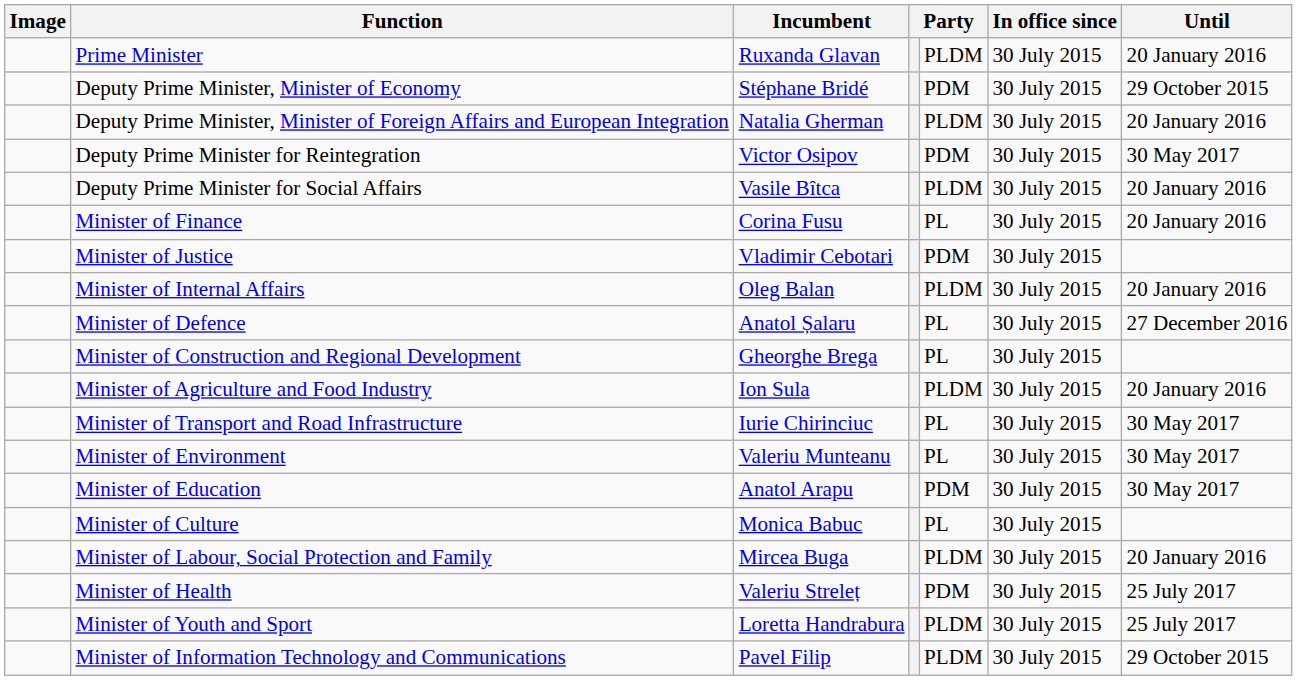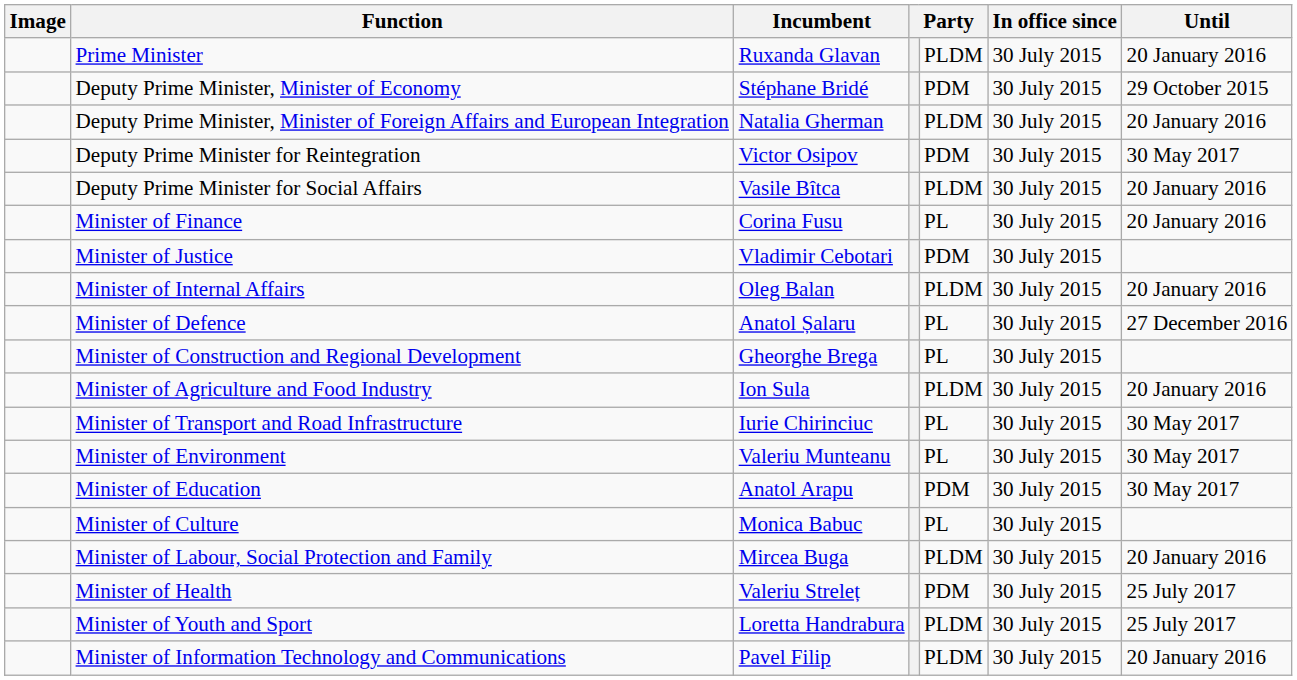 <table class="wikitable">
 <tr>
 <th>Image</th>
 <th>Function</th>
 <th>Incumbent</th>
 <th colspan="2">Party</th>
 <th>In office since</th>
 <th>Until</th>
 </tr>
 <tr>
 <td></td>
 <td><a href='#'>Prime Minister</a></td>
 <td><a href='#'>Ruxanda Glavan</a></td>
 <th style="background-color: "></th>
 <td>PLDM</td>
 <td>30 July 2015</td>
 <td>20 January 2016</td>
 </tr>
 <tr>
 <td></td>
 <td>Deputy Prime Minister, <a href='#'>Minister of Economy</a></td>
 <td><a href='#'>Stéphane Bridé</a></td>
 <th style="background-color: "></th>
 <td>PDM</td>
 <td>30 July 2015</td>
 <td>29 October 2015</td>
 </tr>
 <tr>
 <td></td>
 <td>Deputy Prime Minister, <a href='#'>Minister of Foreign Affairs and European Integration</a></td>
 <td><a href='#'>Natalia Gherman</a></td>
 <th style="background-color: "></th>
 <td>PLDM</td>
 <td>30 July 2015</td>
 <td>20 January 2016</td>
 </tr>
 <tr>
 <td></td>
 <td>Deputy Prime Minister for Reintegration</td>
 <td><a href='#'>Victor Osipov</a></td>
 <th style="background-color: "></th>
 <td>PDM</td>
 <td>30 July 2015</td>
 <td>30 May 2017</td>
 </tr>
 <tr>
 <td></td>
 <td>Deputy Prime Minister for Social Affairs</td>
 <td><a href='#'>Vasile Bîtca</a></td>
 <th style="background-color: "></th>
 <td>PLDM</td>
 <td>30 July 2015</td>
 <td>20 January 2016</td>
 </tr>
 <tr>
 <td></td>
 <td><a href='#'>Minister of Finance</a></td>
 <td><a href='#'>Corina Fusu</a></td>
 <th style="background-color: "></th>
 <td>PL</td>
 <td>30 July 2015</td>
 <td>20 January 2016</td>
 </tr>
 <tr>
 <td></td>
 <td><a href='#'>Minister of Justice</a></td>
 <td><a href='#'>Vladimir Cebotari</a></td>
 <th style="background-color: "></th>
 <td>PDM</td>
 <td>30 July 2015</td>
 <td></td>
 </tr>
 <tr>
 <td></td>
 <td><a href='#'>Minister of Internal Affairs</a></td>
 <td><a href='#'>Oleg Balan</a></td>
 <th style="background-color: "></th>
 <td>PLDM</td>
 <td>30 July 2015</td>
 <td>20 January 2016</td>
 </tr>
 <tr>
 <td></td>
 <td><a href='#'>Minister of Defence</a></td>
 <td><a href='#'>Anatol Șalaru</a></td>
 <th style="background-color: "></th>
 <td>PL</td>
 <td>30 July 2015</td>
 <td>27 December 2016</td>
 </tr>
 <tr>
 <td></td>
 <td><a href='#'>Minister of Construction and Regional Development</a></td>
 <td><a href='#'>Gheorghe Brega</a></td>
 <th style="background-color: "></th>
 <td>PL</td>
 <td>30 July 2015</td>
 <td></td>
 </tr>
 <tr>
 <td></td>
 <td><a href='#'>Minister of Agriculture and Food Industry</a></td>
 <td><a href='#'>Ion Sula</a></td>
 <th style="background-color: "></th>
 <td>PLDM</td>
 <td>30 July 2015</td>
 <td>20 January 2016</td>
 </tr>
 <tr>
 <td></td>
 <td><a href='#'>Minister of Transport and Road Infrastructure</a></td>
 <td><a href='#'>Iurie Chirinciuc</a></td>
 <th style="background-color: "></th>
 <td>PL</td>
 <td>30 July 2015</td>
 <td>30 May 2017</td>
 </tr>
 <tr>
 <td></td>
 <td><a href='#'>Minister of Environment</a></td>
 <td><a href='#'>Valeriu Munteanu</a></td>
 <th style="background-color: "></th>
 <td>PL</td>
 <td>30 July 2015</td>
 <td>30 May 2017</td>
 </tr>
 <tr>
 <td></td>
 <td><a href='#'>Minister of Education</a></td>
 <td><a href='#'>Anatol Arapu</a></td>
 <th style="background-color: "></th>
 <td>PDM</td>
 <td>30 July 2015</td>
 <td>30 May 2017</td>
 </tr>
 <tr>
 <td></td>
 <td><a href='#'>Minister of Culture</a></td>
 <td><a href='#'>Monica Babuc</a></td>
 <th style="background-color: "></th>
 <td>PL</td>
 <td>30 July 2015</td>
 <td></td>
 </tr>
 <tr>
 <td></td>
 <td><a href='#'>Minister of Labour, Social Protection and Family</a></td>
 <td><a href='#'>Mircea Buga</a></td>
 <th style="background-color: "></th>
 <td>PLDM</td>
 <td>30 July 2015</td>
 <td>20 January 2016</td>
 </tr>
 <tr>
 <td></td>
 <td><a href='#'>Minister of Health</a></td>
 <td><a href='#'>Valeriu Streleț</a></td>
 <th style="background-color: "></th>
 <td>PDM</td>
 <td>30 July 2015</td>
 <td>25 July 2017</td>
 </tr>
 <tr>
 <td></td>
 <td><a href='#'>Minister of Youth and Sport</a></td>
 <td><a href='#'>Loretta Handrabura</a></td>
 <th style="background-color: "></th>
 <td>PLDM</td>
 <td>30 July 2015</td>
 <td>25 July 2017</td>
 </tr>
 <tr>
 <td></td>
 <td><a href='#'>Minister of Information Technology and Communications</a></td>
 <td><a href='#'>Pavel Filip</a></td>
 <th style="background-color: "></th>
 <td>PLDM</td>
 <td>30 July 2015</td>
-<td>29 October 2015</td>
+<td>20 January 2016</td>
 </tr>
 </table>
